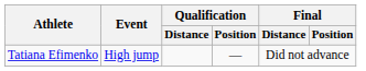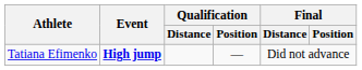 <table class=wikitable style="font-size:90%">
 <tr>
 <th rowspan="2">Athlete</th>
 <th rowspan="2">Event</th>
 <th colspan="2">Qualification</th>
 <th colspan="2">Final</th>
 </tr>
 <tr style="font-size:95%">
 <th>Distance</th>
 <th>Position</th>
 <th>Distance</th>
 <th>Position</th>
 </tr>
 <tr align=center>
 <td align=left><a href='#'>Tatiana Efimenko</a></td>
-<td align=left><a href='#'>High jump</a></td>
+<td align=left><strong><a href='#'>High jump</a></strong></td>
 <td></td>
 <td>—</td>
 <td colspan=2>Did not advance</td>
 </tr>
 </table>
